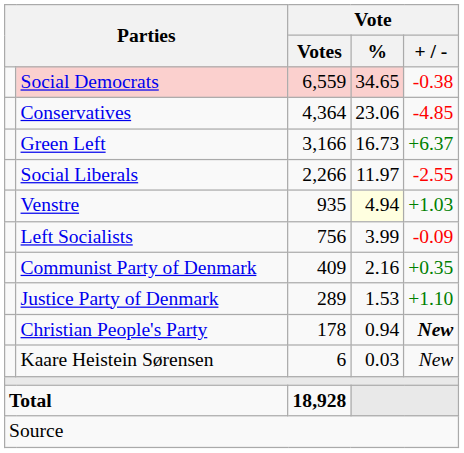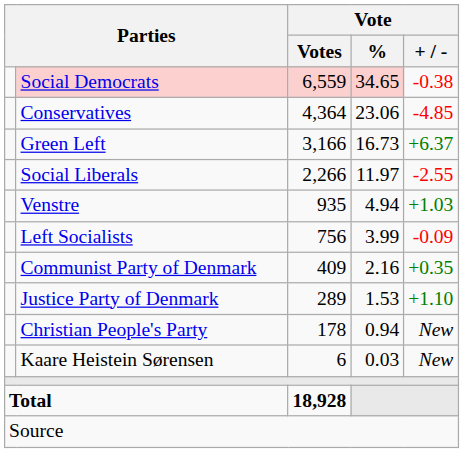 <table class="wikitable" style="text-align:right;">
 <tr>
 <th style="text-align:centre;" rowspan="2" colspan="2" width="225">Parties</th>
 <th colspan="3">Vote</th>
 </tr>
 <tr>
 <th width="15">Votes</th>
 <th width="15">%</th>
 <th width="15">+ / -</th>
 </tr>
 <tr>
 <td width="2" style="color:inherit;background:"></td>
 <td bgcolor=#fbd0ce  align="left"><a href='#'>Social Democrats</a></td>
 <td bgcolor=#fbd0ce>6,559</td>
 <td bgcolor=#fbd0ce>34.65</td>
 <td style=color:red;>-0.38</td>
 </tr>
 <tr>
 <td width="2" style="color:inherit;background:"></td>
 <td align="left"><a href='#'>Conservatives</a></td>
 <td>4,364</td>
 <td>23.06</td>
 <td style=color:red;>-4.85</td>
 </tr>
 <tr>
 <td width="2" style="color:inherit;background:"></td>
 <td align="left"><a href='#'>Green Left</a></td>
 <td>3,166</td>
 <td>16.73</td>
 <td style=color:green;>+6.37</td>
 </tr>
 <tr>
 <td width="2" style="color:inherit;background:"></td>
 <td align="left"><a href='#'>Social Liberals</a></td>
 <td>2,266</td>
 <td>11.97</td>
 <td style=color:red;>-2.55</td>
 </tr>
 <tr>
 <td width="2" style="color:inherit;background:"></td>
 <td align="left"><a href='#'>Venstre</a></td>
 <td>935</td>
-<td style="background: lightyellow;">4.94</td>
+<td>4.94</td>
 <td style=color:green;>+1.03</td>
 </tr>
 <tr>
 <td width="2" style="color:inherit;background:"></td>
 <td align="left"><a href='#'>Left Socialists</a></td>
 <td>756</td>
 <td>3.99</td>
 <td style=color:red;>-0.09</td>
 </tr>
 <tr>
 <td width="2" style="color:inherit;background:"></td>
 <td align="left"><a href='#'>Communist Party of Denmark</a></td>
 <td>409</td>
 <td>2.16</td>
 <td style=color:green;>+0.35</td>
 </tr>
 <tr>
 <td width="2" style="color:inherit;background:"></td>
 <td align="left"><a href='#'>Justice Party of Denmark</a></td>
 <td>289</td>
 <td>1.53</td>
 <td style=color:green;>+1.10</td>
 </tr>
 <tr>
 <td width="2" style="color:inherit;background:"></td>
 <td align="left"><a href='#'>Christian People's Party</a></td>
 <td>178</td>
 <td>0.94</td>
-<td><strong><em>New</em></strong></td>
+<td><em>New</em></td>
 </tr>
 <tr>
 <td width="2" style="color:inherit;background:"></td>
 <td align="left">Kaare Heistein Sørensen</td>
 <td>6</td>
 <td>0.03</td>
 <td><em>New</em></td>
 </tr>
 <tr>
 <td colspan="7" bgcolor="#E9E9E9"></td>
 </tr>
 <tr>
 <td align="left" colspan="2"><strong>Total</strong></td>
 <td><strong>18,928</strong></td>
 <td bgcolor="#E9E9E9" colspan="2"></td>
 </tr>
 <tr>
 <td align="left" colspan="6">Source</td>
 </tr>
 </table>
